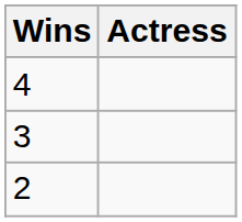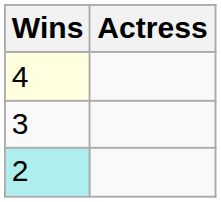 <table class="wikitable">
 <tr>
 <th>Wins</th>
 <th>Actress</th>
 </tr>
 <tr>
-<td>4</td>
+<td style="background: lightyellow;">4</td>
 <td></td>
 </tr>
 <tr>
 <td>3</td>
 <td></td>
 </tr>
 <tr>
-<td>2</td>
+<td style="background: paleturquoise;">2</td>
 <td></td>
 </tr>
 </table>
